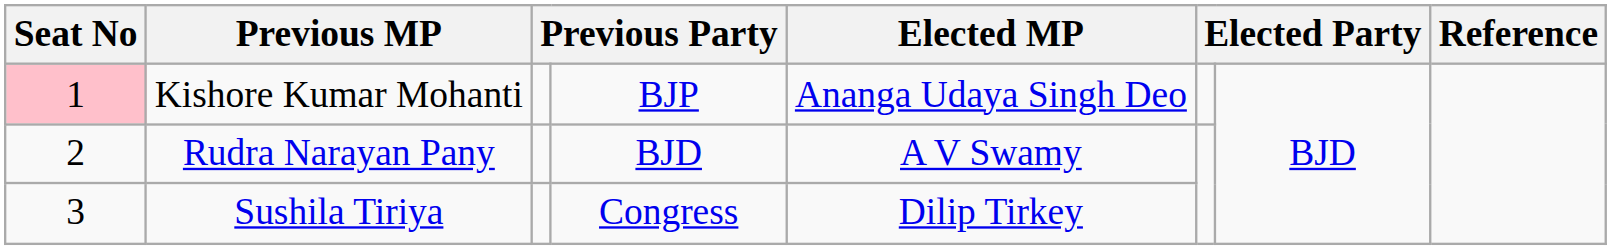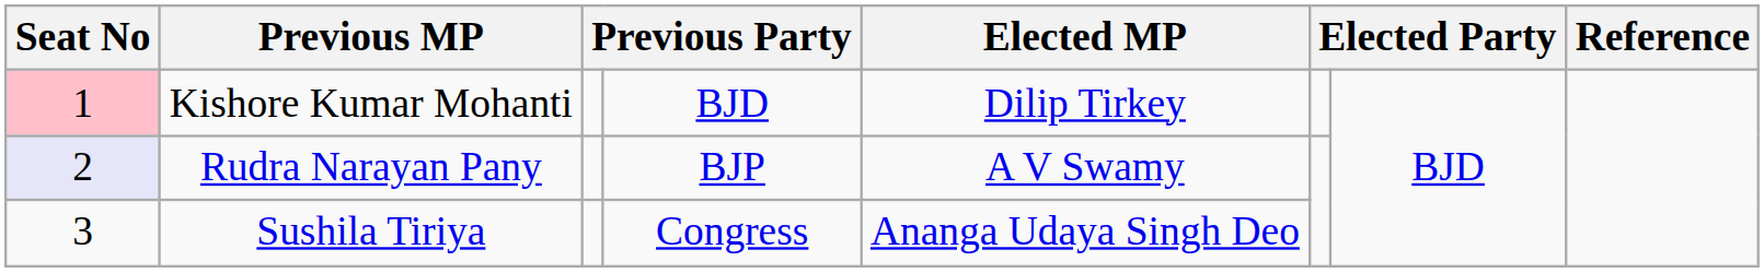 <table class="wikitable">
 <tr>
 <th>Seat No</th>
 <th>Previous MP</th>
 <th colspan=2>Previous Party</th>
 <th>Elected MP</th>
 <th colspan=2>Elected Party</th>
 <th>Reference</th>
 </tr>
 <tr style="text-align:center;">
 <td style="background: pink;">1</td>
 <td>Kishore Kumar Mohanti</td>
 <td width="1px"></td>
-<td><a href='#'>BJP</a></td>
-<td><a href='#'>Ananga Udaya Singh Deo</a></td>
+<td><a href='#'>BJD</a></td>
+<td><a href='#'>Dilip Tirkey</a></td>
 <td width="1px"></td>
 <td rowspan=3><a href='#'>BJD</a></td>
 <td rowspan=3></td>
 </tr>
 <tr style="text-align:center;">
-<td>2</td>
+<td style="background: lavender;">2</td>
 <td><a href='#'>Rudra Narayan Pany</a></td>
 <td width="1px"></td>
-<td><a href='#'>BJD</a></td>
+<td><a href='#'>BJP</a></td>
 <td><a href='#'>A V Swamy</a></td>
 </tr>
 <tr style="text-align:center;">
 <td>3</td>
 <td><a href='#'>Sushila Tiriya</a></td>
 <td width="1px"></td>
 <td><a href='#'>Congress</a></td>
-<td><a href='#'>Dilip Tirkey</a></td>
+<td><a href='#'>Ananga Udaya Singh Deo</a></td>
 </tr>
 </table>
